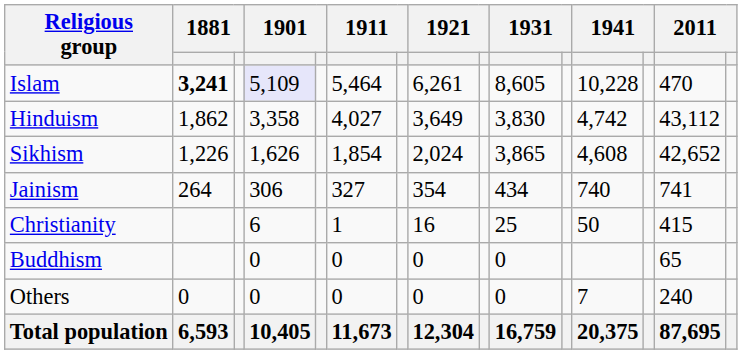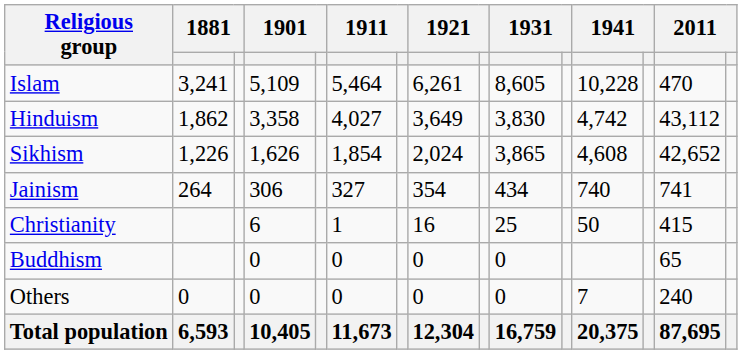 <table class="wikitable collapsible sortable">
 <tr>
 <th rowspan="2"><a href='#'>Religious</a><br>group</th>
 <th colspan="2">1881</th>
 <th colspan="2">1901</th>
 <th colspan="2">1911</th>
 <th colspan="2">1921</th>
 <th colspan="2">1931</th>
 <th colspan="2">1941</th>
 <th colspan="2">2011</th>
 </tr>
 <tr>
 <th><a href='#'></a></th>
 <th></th>
 <th></th>
 <th></th>
 <th></th>
 <th></th>
 <th></th>
 <th></th>
 <th></th>
 <th></th>
 <th></th>
 <th></th>
 <th></th>
 <th></th>
 </tr>
 <tr>
 <td><a href='#'>Islam</a> </td>
-<td><strong>3,241</strong></td>
+<td>3,241</td>
 <td></td>
-<td style="background: lavender;">5,109</td>
+<td>5,109</td>
 <td></td>
 <td>5,464</td>
 <td></td>
 <td>6,261</td>
 <td></td>
 <td>8,605</td>
 <td></td>
 <td>10,228</td>
 <td></td>
 <td>470</td>
 <td></td>
 </tr>
 <tr>
 <td><a href='#'>Hinduism</a> </td>
 <td>1,862</td>
 <td></td>
 <td>3,358</td>
 <td></td>
 <td>4,027</td>
 <td></td>
 <td>3,649</td>
 <td></td>
 <td>3,830</td>
 <td></td>
 <td>4,742</td>
 <td></td>
 <td>43,112</td>
 <td></td>
 </tr>
 <tr>
 <td><a href='#'>Sikhism</a> </td>
 <td>1,226</td>
 <td></td>
 <td>1,626</td>
 <td></td>
 <td>1,854</td>
 <td></td>
 <td>2,024</td>
 <td></td>
 <td>3,865</td>
 <td></td>
 <td>4,608</td>
 <td></td>
 <td>42,652</td>
 <td></td>
 </tr>
 <tr>
 <td><a href='#'>Jainism</a> </td>
 <td>264</td>
 <td></td>
 <td>306</td>
 <td></td>
 <td>327</td>
 <td></td>
 <td>354</td>
 <td></td>
 <td>434</td>
 <td></td>
 <td>740</td>
 <td></td>
 <td>741</td>
 <td></td>
 </tr>
 <tr>
 <td><a href='#'>Christianity</a> </td>
 <td></td>
 <td></td>
 <td>6</td>
 <td></td>
 <td>1</td>
 <td></td>
 <td>16</td>
 <td></td>
 <td>25</td>
 <td></td>
 <td>50</td>
 <td></td>
 <td>415</td>
 <td></td>
 </tr>
 <tr>
 <td><a href='#'>Buddhism</a> </td>
 <td></td>
 <td></td>
 <td>0</td>
 <td></td>
 <td>0</td>
 <td></td>
 <td>0</td>
 <td></td>
 <td>0</td>
 <td></td>
 <td></td>
 <td></td>
 <td>65</td>
 <td></td>
 </tr>
 <tr>
 <td>Others</td>
 <td>0</td>
 <td></td>
 <td>0</td>
 <td></td>
 <td>0</td>
 <td></td>
 <td>0</td>
 <td></td>
 <td>0</td>
 <td></td>
 <td>7</td>
 <td></td>
 <td>240</td>
 <td></td>
 </tr>
 <tr>
 <th>Total population</th>
 <th>6,593</th>
 <th></th>
 <th>10,405</th>
 <th></th>
 <th>11,673</th>
 <th></th>
 <th>12,304</th>
 <th></th>
 <th>16,759</th>
 <th></th>
 <th>20,375</th>
 <th></th>
 <th>87,695</th>
 <th></th>
 </tr>
 </table>
